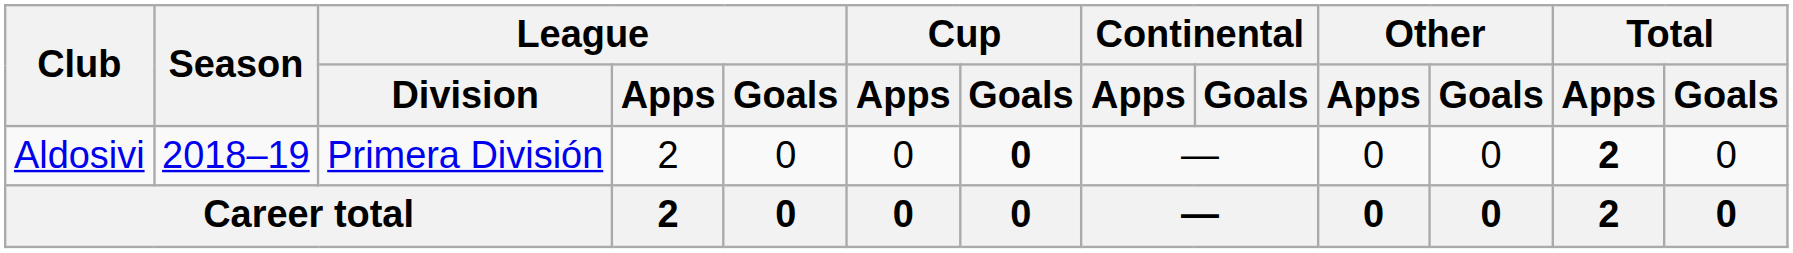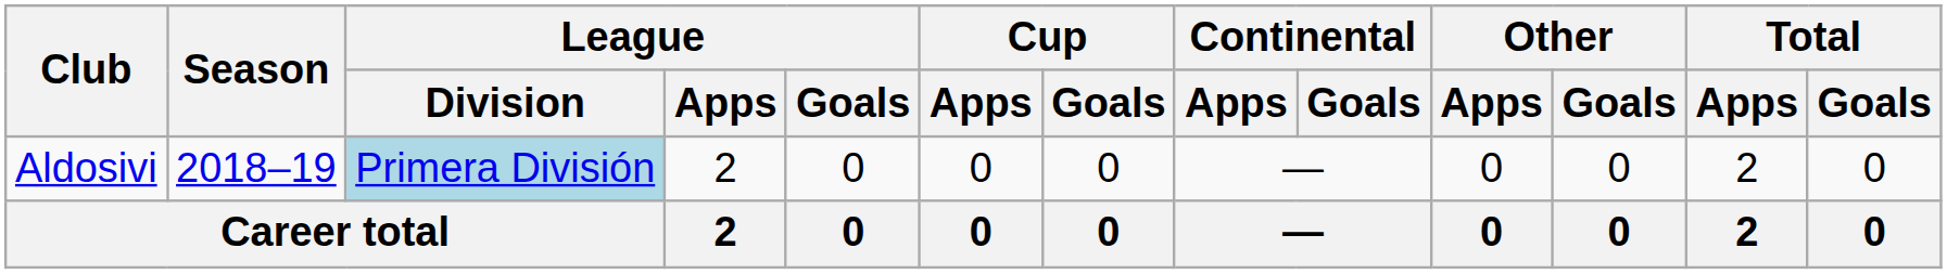 <table class="wikitable" style="text-align:center">
 <tr>
 <th rowspan="2">Club</th>
 <th rowspan="2">Season</th>
 <th colspan="3">League</th>
 <th colspan="2">Cup</th>
 <th colspan="2">Continental</th>
 <th colspan="2">Other</th>
 <th colspan="2">Total</th>
 </tr>
 <tr>
 <th>Division</th>
 <th>Apps</th>
 <th>Goals</th>
 <th>Apps</th>
 <th>Goals</th>
 <th>Apps</th>
 <th>Goals</th>
 <th>Apps</th>
 <th>Goals</th>
 <th>Apps</th>
 <th>Goals</th>
 </tr>
 <tr>
 <td rowspan="1"><a href='#'>Aldosivi</a></td>
 <td><a href='#'>2018–19</a></td>
-<td rowspan="1"><a href='#'>Primera División</a></td>
+<td rowspan="1" style="background: lightblue;"><a href='#'>Primera División</a></td>
 <td>2</td>
 <td>0</td>
 <td>0</td>
-<td><strong>0</strong></td>
+<td>0</td>
 <td colspan="2">—</td>
 <td>0</td>
 <td>0</td>
-<td><strong>2</strong></td>
+<td>2</td>
 <td>0</td>
 </tr>
 <tr>
 <th colspan="3">Career total</th>
 <th>2</th>
 <th>0</th>
 <th>0</th>
 <th>0</th>
 <th colspan="2">—</th>
 <th>0</th>
 <th>0</th>
 <th>2</th>
 <th>0</th>
 </tr>
 </table>
